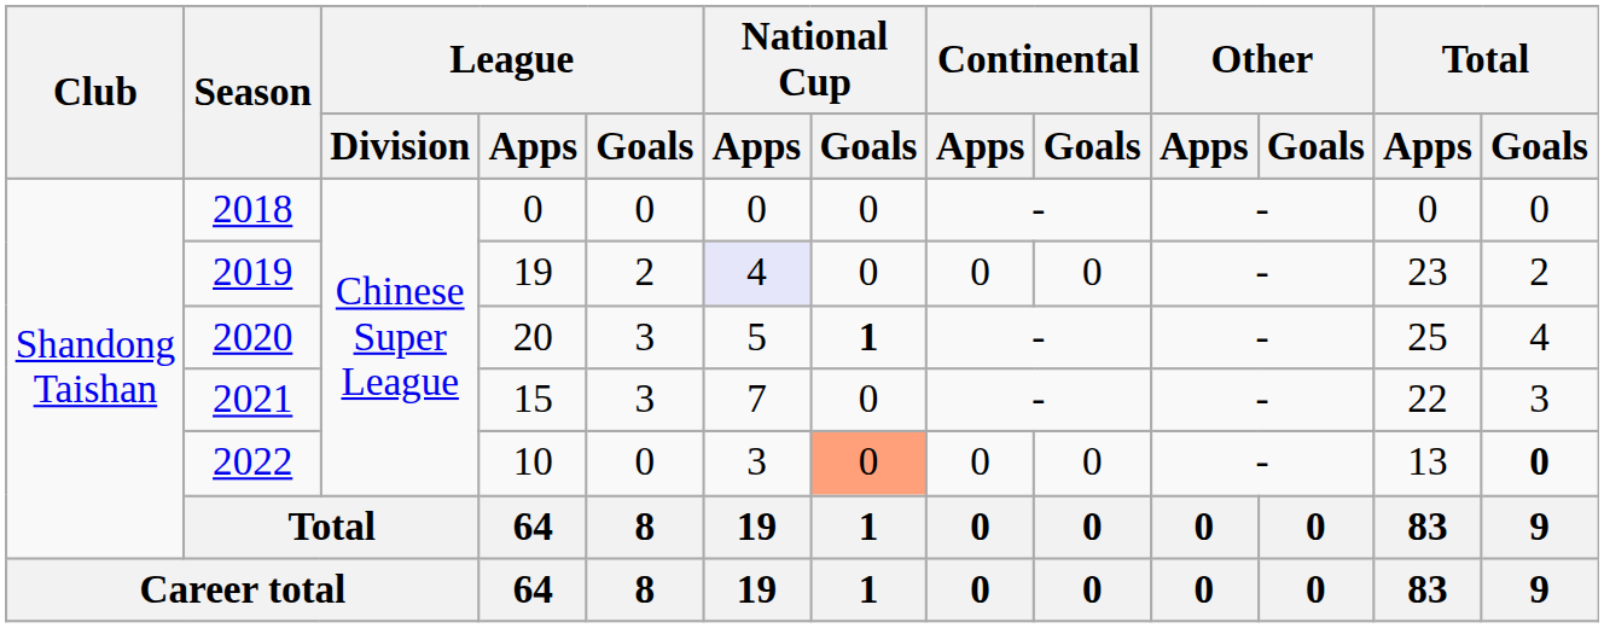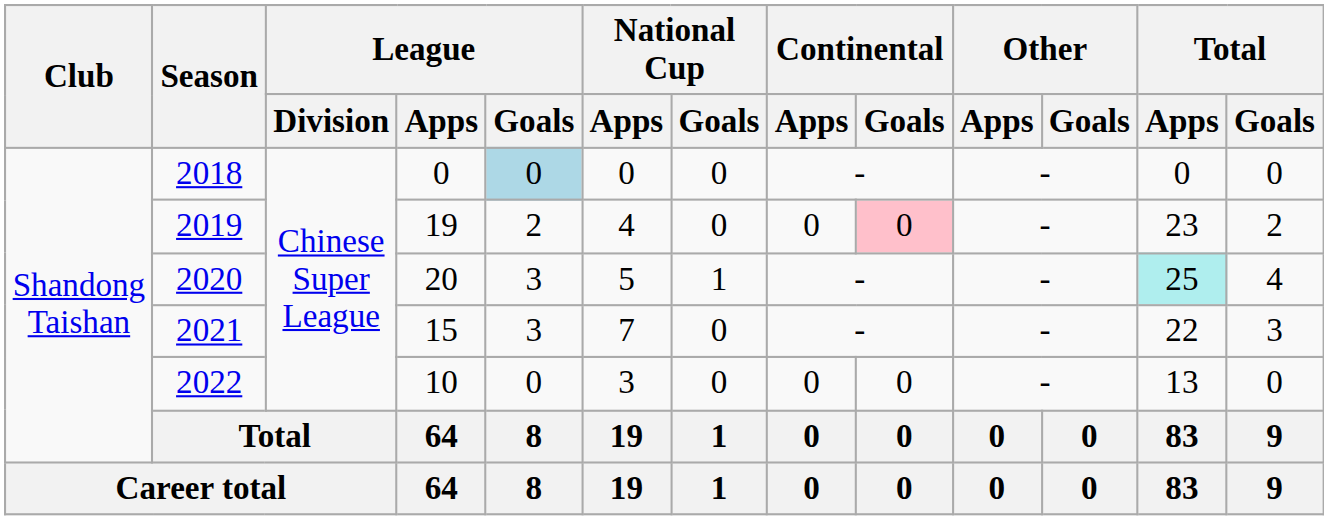 <table class="wikitable" style="text-align: center">
 <tr>
 <th rowspan="2">Club</th>
 <th rowspan="2">Season</th>
 <th colspan="3">League</th>
 <th colspan="2">National Cup</th>
 <th colspan="2">Continental</th>
 <th colspan="2">Other</th>
 <th colspan="2">Total</th>
 </tr>
 <tr>
 <th>Division</th>
 <th>Apps</th>
 <th>Goals</th>
 <th>Apps</th>
 <th>Goals</th>
 <th>Apps</th>
 <th>Goals</th>
 <th>Apps</th>
 <th>Goals</th>
 <th>Apps</th>
 <th>Goals</th>
 </tr>
 <tr>
 <td rowspan="6"><a href='#'>Shandong Taishan</a></td>
 <td><a href='#'>2018</a></td>
 <td rowspan="5"><a href='#'>Chinese Super League</a></td>
 <td>0</td>
-<td>0</td>
+<td style="background: lightblue;">0</td>
 <td>0</td>
 <td>0</td>
 <td colspan="2">-</td>
 <td colspan="2">-</td>
 <td>0</td>
 <td>0</td>
 </tr>
 <tr>
 <td><a href='#'>2019</a></td>
 <td>19</td>
 <td>2</td>
-<td style="background: lavender;">4</td>
+<td>4</td>
 <td>0</td>
 <td>0</td>
-<td>0</td>
+<td style="background: pink;">0</td>
 <td colspan="2">-</td>
 <td>23</td>
 <td>2</td>
 </tr>
 <tr>
 <td><a href='#'>2020</a></td>
 <td>20</td>
 <td>3</td>
 <td>5</td>
-<td><strong>1</strong></td>
+<td>1</td>
 <td colspan="2">-</td>
 <td colspan="2">-</td>
-<td>25</td>
+<td style="background: paleturquoise;">25</td>
 <td>4</td>
 </tr>
 <tr>
 <td><a href='#'>2021</a></td>
 <td>15</td>
 <td>3</td>
 <td>7</td>
 <td>0</td>
 <td colspan="2">-</td>
 <td colspan="2">-</td>
 <td>22</td>
 <td>3</td>
 </tr>
 <tr>
 <td><a href='#'>2022</a></td>
 <td>10</td>
 <td>0</td>
 <td>3</td>
-<td style="background: lightsalmon;">0</td>
+<td>0</td>
 <td>0</td>
 <td>0</td>
 <td colspan="2">-</td>
 <td>13</td>
-<td><strong>0</strong></td>
+<td>0</td>
 </tr>
 <tr>
 <th colspan="2">Total</th>
 <th>64</th>
 <th>8</th>
 <th>19</th>
 <th>1</th>
 <th>0</th>
 <th>0</th>
 <th>0</th>
 <th>0</th>
 <th>83</th>
 <th>9</th>
 </tr>
 <tr>
 <th colspan="3">Career total</th>
 <th>64</th>
 <th>8</th>
 <th>19</th>
 <th>1</th>
 <th>0</th>
 <th>0</th>
 <th>0</th>
 <th>0</th>
 <th>83</th>
 <th>9</th>
 </tr>
 </table>
